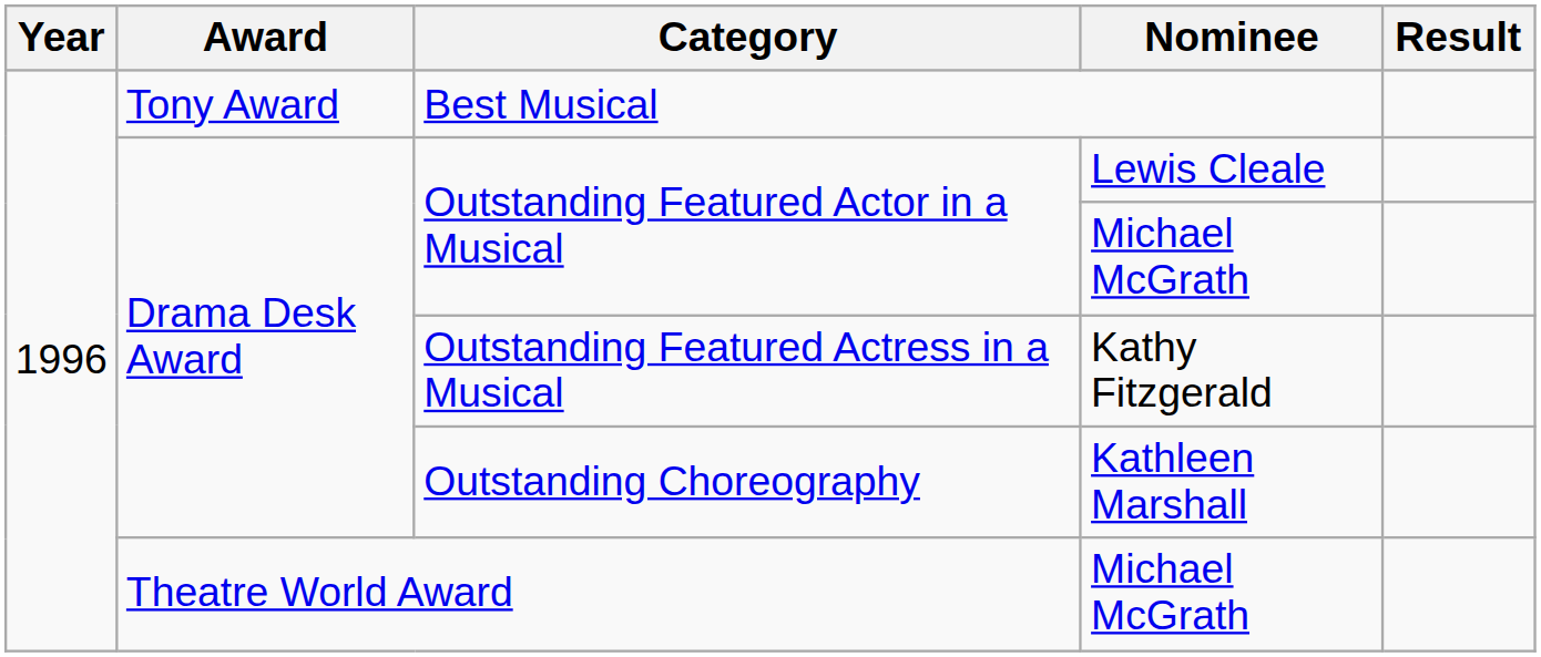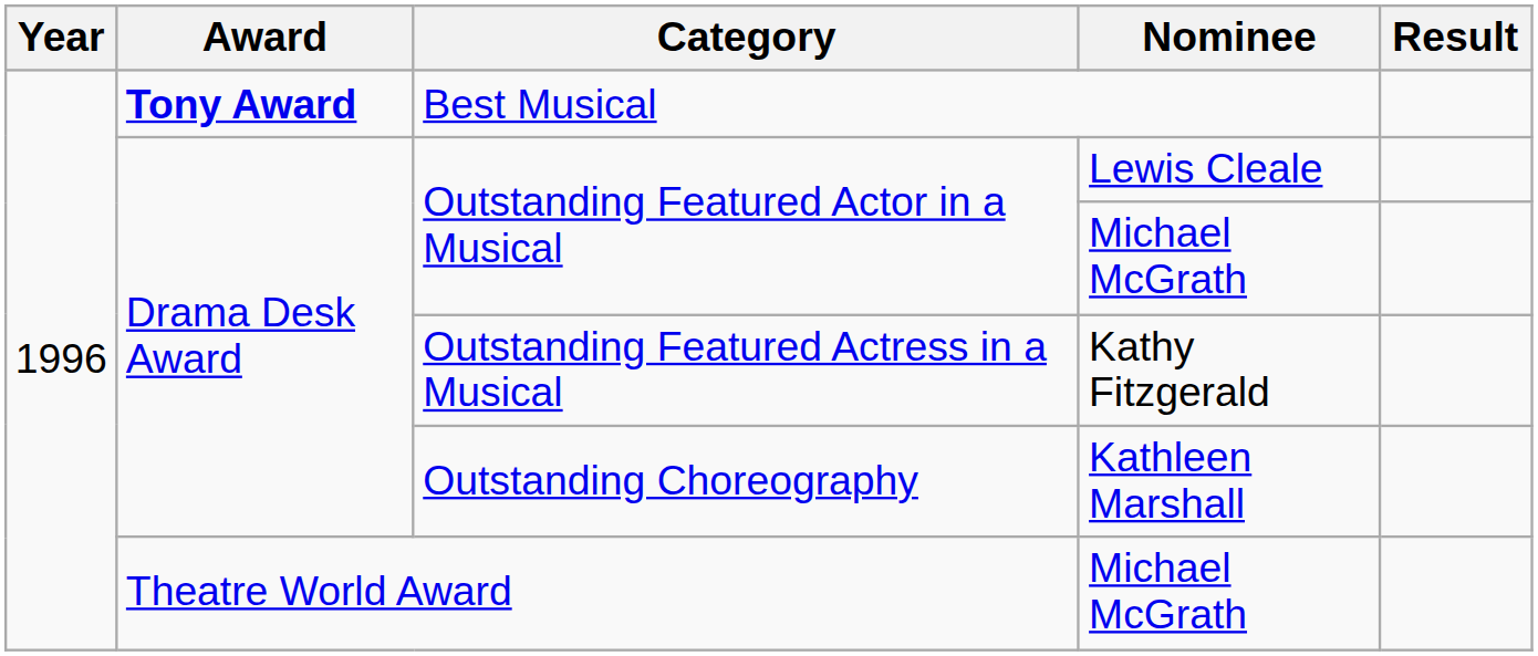 <table class="wikitable" width="95%">
 <tr>
 <th width="5%">Year</th>
 <th width="20%">Award</th>
 <th width="45%">Category</th>
 <th width="20%">Nominee</th>
 <th width="10%">Result</th>
 </tr>
 <tr>
 <td rowspan="6" align="center">1996</td>
-<td><a href='#'>Tony Award</a></td>
+<td><strong><a href='#'>Tony Award</a></strong></td>
 <td colspan="2"><a href='#'>Best Musical</a></td>
 <td></td>
 </tr>
 <tr>
 <td rowspan="4"><a href='#'>Drama Desk Award</a></td>
 <td rowspan="2"><a href='#'>Outstanding Featured Actor in a Musical</a></td>
 <td><a href='#'>Lewis Cleale</a></td>
 <td></td>
 </tr>
 <tr>
 <td><a href='#'>Michael McGrath</a></td>
 <td></td>
 </tr>
 <tr>
 <td><a href='#'>Outstanding Featured Actress in a Musical</a></td>
 <td>Kathy Fitzgerald</td>
 <td></td>
 </tr>
 <tr>
 <td><a href='#'>Outstanding Choreography</a></td>
 <td><a href='#'>Kathleen Marshall</a></td>
 <td></td>
 </tr>
 <tr>
 <td colspan="2"><a href='#'>Theatre World Award</a></td>
 <td><a href='#'>Michael McGrath</a></td>
 <td></td>
 </tr>
 </table>
